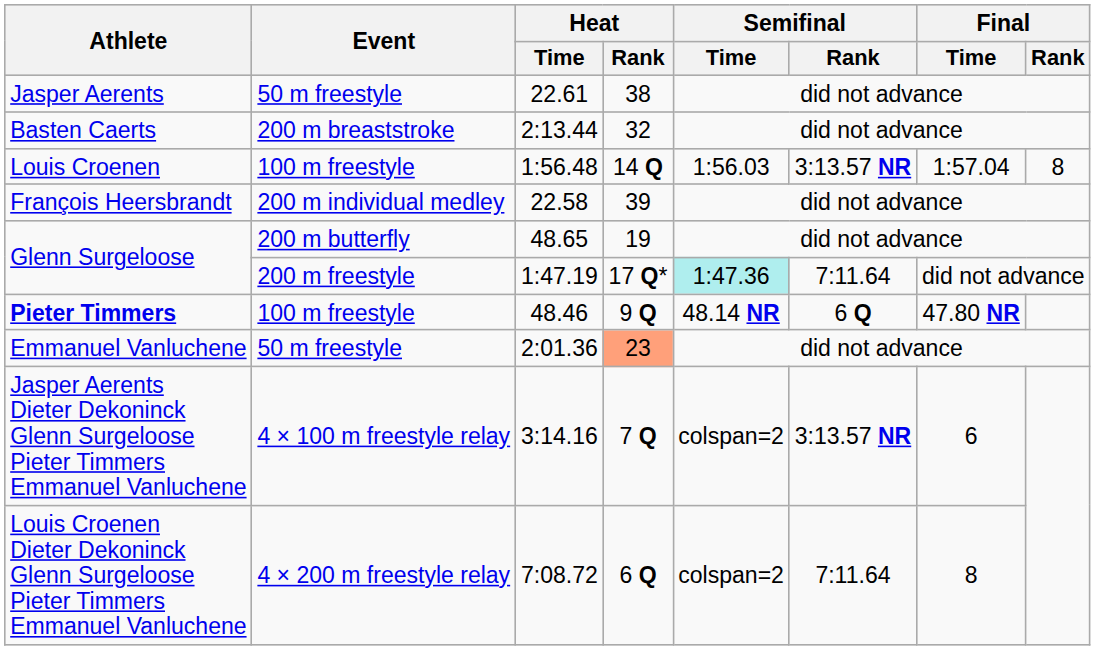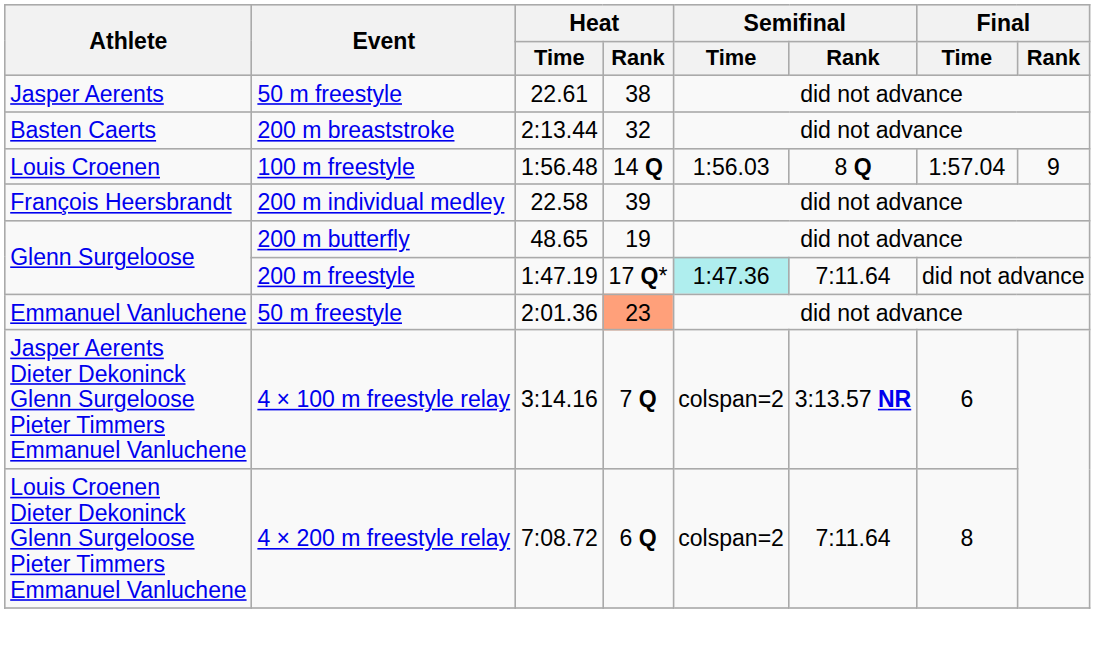 <table class=wikitable style="font-size:90%">
 <tr>
 <th rowspan="2">Athlete</th>
 <th rowspan="2">Event</th>
 <th colspan="2">Heat</th>
 <th colspan="2">Semifinal</th>
 <th colspan="2">Final</th>
 </tr>
 <tr style="font-size:95%">
 <th>Time</th>
 <th>Rank</th>
 <th>Time</th>
 <th>Rank</th>
 <th>Time</th>
 <th>Rank</th>
 </tr>
 <tr align=center>
 <td align=left><a href='#'>Jasper Aerents</a></td>
 <td align=left><a href='#'>50 m freestyle</a></td>
 <td>22.61</td>
 <td>38</td>
 <td colspan=4>did not advance</td>
 </tr>
 <tr align=center>
 <td align=left><a href='#'>Basten Caerts</a></td>
 <td align=left><a href='#'>200 m breaststroke</a></td>
 <td>2:13.44</td>
 <td>32</td>
 <td colspan=4>did not advance</td>
 </tr>
 <tr align=center>
 <td align=left><a href='#'>Louis Croenen</a></td>
 <td align=left><a href='#'>100 m freestyle</a></td>
 <td>1:56.48</td>
 <td>14 <strong>Q</strong></td>
 <td>1:56.03</td>
-<td>3:13.57 <strong><a href='#'>NR</a></strong></td>
+<td>8 <strong>Q</strong></td>
 <td>1:57.04</td>
-<td>8</td>
+<td>9</td>
 </tr>
 <tr align=center>
 <td align=left><a href='#'>François Heersbrandt</a></td>
 <td align=left><a href='#'>200 m individual medley</a></td>
 <td>22.58</td>
 <td>39</td>
 <td colspan=4>did not advance</td>
 </tr>
 <tr align=center>
 <td align=left rowspan=2><a href='#'>Glenn Surgeloose</a></td>
 <td align=left><a href='#'>200 m butterfly</a></td>
 <td>48.65</td>
 <td>19</td>
 <td colspan=4>did not advance</td>
 </tr>
 <tr align=center>
 <td align=left><a href='#'>200 m freestyle</a></td>
 <td>1:47.19</td>
 <td>17 <strong>Q</strong>*</td>
 <td style="background: paleturquoise;">1:47.36</td>
 <td>7:11.64</td>
 <td colspan=2>did not advance</td>
-</tr>
-<tr align=center>
-<td align=left><strong><a href='#'>Pieter Timmers</a></strong></td>
-<td align=left><a href='#'>100 m freestyle</a></td>
-<td>48.46</td>
-<td>9 <strong>Q</strong></td>
-<td>48.14 <strong><a href='#'>NR</a></strong></td>
-<td>6 <strong>Q</strong></td>
-<td>47.80 <strong><a href='#'>NR</a></strong></td>
-<td></td>
 </tr>
 <tr align=center>
 <td align=left><a href='#'>Emmanuel Vanluchene</a></td>
 <td align=left><a href='#'>50 m freestyle</a></td>
 <td>2:01.36</td>
 <td style="background: lightsalmon;">23</td>
 <td colspan=4>did not advance</td>
 </tr>
 <tr align=center>
 <td align=left><a href='#'>Jasper Aerents</a><br><a href='#'>Dieter Dekoninck</a><br><a href='#'>Glenn Surgeloose</a><br><a href='#'>Pieter Timmers</a><br><a href='#'>Emmanuel Vanluchene</a></td>
 <td align=left><a href='#'>4 × 100 m freestyle relay</a></td>
 <td>3:14.16</td>
 <td>7 <strong>Q</strong></td>
 <td>colspan=2 </td>
 <td>3:13.57 <strong><a href='#'>NR</a></strong></td>
 <td>6</td>
 </tr>
 <tr align=center>
 <td align=left><a href='#'>Louis Croenen</a><br><a href='#'>Dieter Dekoninck</a><br><a href='#'>Glenn Surgeloose</a><br><a href='#'>Pieter Timmers</a><br><a href='#'>Emmanuel Vanluchene</a></td>
 <td align=left><a href='#'>4 × 200 m freestyle relay</a></td>
 <td>7:08.72</td>
 <td>6 <strong>Q</strong></td>
 <td>colspan=2 </td>
 <td>7:11.64</td>
 <td>8</td>
 </tr>
 </table>
